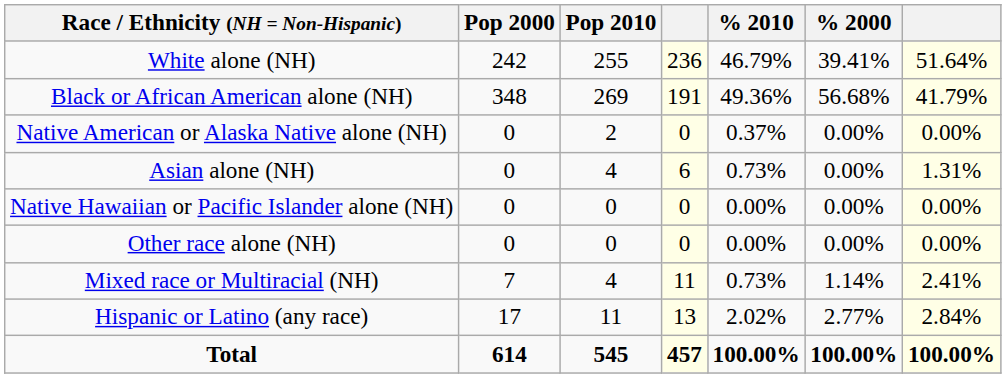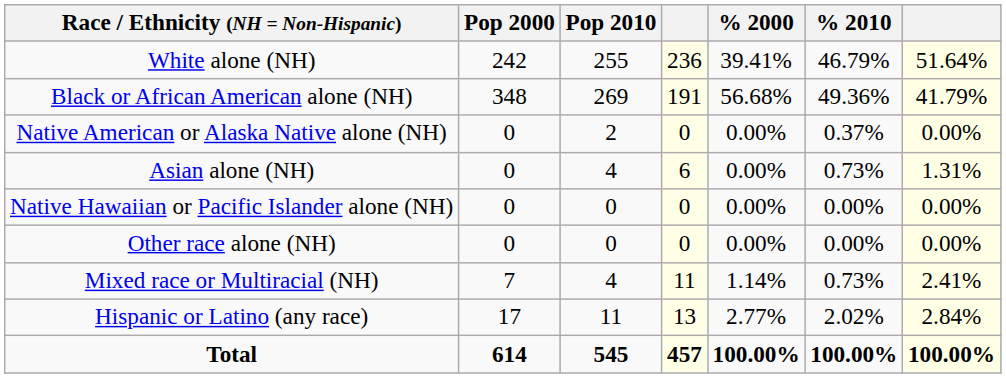 <table class="wikitable" style="text-align:center;">
 <tr>
 <th>Race / Ethnicity <small>(<em>NH = Non-Hispanic</em>)</small></th>
 <th>Pop 2000</th>
 <th>Pop 2010</th>
 <th></th>
+<th>% 2000</th>
 <th>% 2010</th>
-<th>% 2000</th>
 <th></th>
 </tr>
 <tr>
 <td><a href='#'>White</a> alone (NH)</td>
 <td>242</td>
 <td>255</td>
 <td style='background: #ffffe6;'>236</td>
+<td>39.41%</td>
 <td>46.79%</td>
-<td>39.41%</td>
 <td style='background: #ffffe6;'>51.64%</td>
 </tr>
 <tr>
 <td><a href='#'>Black or African American</a> alone (NH)</td>
 <td>348</td>
 <td>269</td>
 <td style='background: #ffffe6;'>191</td>
+<td>56.68%</td>
 <td>49.36%</td>
-<td>56.68%</td>
 <td style='background: #ffffe6;'>41.79%</td>
 </tr>
 <tr>
 <td><a href='#'>Native American</a> or <a href='#'>Alaska Native</a> alone (NH)</td>
 <td>0</td>
 <td>2</td>
 <td style='background: #ffffe6;'>0</td>
+<td>0.00%</td>
 <td>0.37%</td>
-<td>0.00%</td>
 <td style='background: #ffffe6;'>0.00%</td>
 </tr>
 <tr>
 <td><a href='#'>Asian</a> alone (NH)</td>
 <td>0</td>
 <td>4</td>
 <td style='background: #ffffe6;'>6</td>
+<td>0.00%</td>
 <td>0.73%</td>
-<td>0.00%</td>
 <td style='background: #ffffe6;'>1.31%</td>
 </tr>
 <tr>
 <td><a href='#'>Native Hawaiian</a> or <a href='#'>Pacific Islander</a> alone (NH)</td>
 <td>0</td>
 <td>0</td>
 <td style='background: #ffffe6;'>0</td>
 <td>0.00%</td>
 <td>0.00%</td>
 <td style='background: #ffffe6;'>0.00%</td>
 </tr>
 <tr>
 <td><a href='#'>Other race</a> alone (NH)</td>
 <td>0</td>
 <td>0</td>
 <td style='background: #ffffe6;'>0</td>
 <td>0.00%</td>
 <td>0.00%</td>
 <td style='background: #ffffe6;'>0.00%</td>
 </tr>
 <tr>
 <td><a href='#'>Mixed race or Multiracial</a> (NH)</td>
 <td>7</td>
 <td>4</td>
 <td style='background: #ffffe6;'>11</td>
+<td>1.14%</td>
 <td>0.73%</td>
-<td>1.14%</td>
 <td style='background: #ffffe6;'>2.41%</td>
 </tr>
 <tr>
 <td><a href='#'>Hispanic or Latino</a> (any race)</td>
 <td>17</td>
 <td>11</td>
 <td style='background: #ffffe6;'>13</td>
+<td>2.77%</td>
 <td>2.02%</td>
-<td>2.77%</td>
 <td style='background: #ffffe6;'>2.84%</td>
 </tr>
 <tr>
 <td><strong>Total</strong></td>
 <td><strong>614</strong></td>
 <td><strong>545</strong></td>
 <td style='background: #ffffe6;'><strong>457</strong></td>
 <td><strong>100.00%</strong></td>
 <td><strong>100.00%</strong></td>
 <td style='background: #ffffe6;'><strong>100.00%</strong></td>
 </tr>
 </table>
